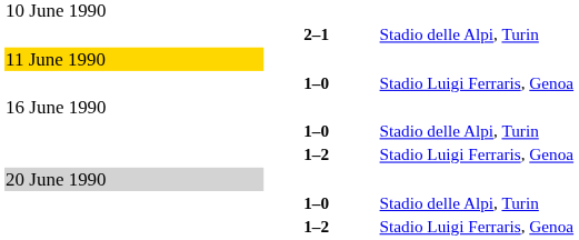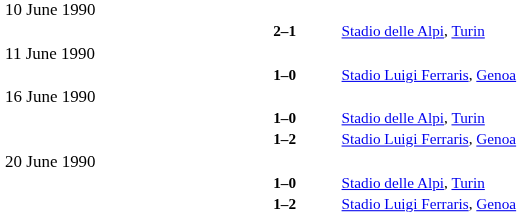 <table style="width:100%" cellspacing="1">
 <tr>
 <th width=25%></th>
 <th width=10%></th>
 <th></th>
 </tr>
 <tr>
 <td>10 June 1990</td>
 </tr>
 <tr style=font-size:90%>
 <td align=right></td>
 <td align=center><strong>2–1</strong></td>
 <td></td>
 <td><a href='#'>Stadio delle Alpi</a>, <a href='#'>Turin</a></td>
 </tr>
 <tr>
-<td style="background: gold;">11 June 1990</td>
+<td>11 June 1990</td>
 </tr>
 <tr style=font-size:90%>
 <td align=right></td>
 <td align=center><strong>1–0</strong></td>
 <td></td>
 <td><a href='#'>Stadio Luigi Ferraris</a>, <a href='#'>Genoa</a></td>
 </tr>
 <tr>
 <td>16 June 1990</td>
 </tr>
 <tr style=font-size:90%>
 <td align=right></td>
 <td align=center><strong>1–0</strong></td>
 <td></td>
 <td><a href='#'>Stadio delle Alpi</a>, <a href='#'>Turin</a></td>
 </tr>
 <tr style=font-size:90%>
 <td align=right></td>
 <td align=center><strong>1–2</strong></td>
 <td></td>
 <td><a href='#'>Stadio Luigi Ferraris</a>, <a href='#'>Genoa</a></td>
 </tr>
 <tr>
-<td style="background: lightgrey;">20 June 1990</td>
+<td>20 June 1990</td>
 </tr>
 <tr style=font-size:90%>
 <td align=right></td>
 <td align=center><strong>1–0</strong></td>
 <td></td>
 <td><a href='#'>Stadio delle Alpi</a>, <a href='#'>Turin</a></td>
 </tr>
 <tr style=font-size:90%>
 <td align=right></td>
 <td align=center><strong>1–2</strong></td>
 <td></td>
 <td><a href='#'>Stadio Luigi Ferraris</a>, <a href='#'>Genoa</a></td>
 </tr>
 </table>
